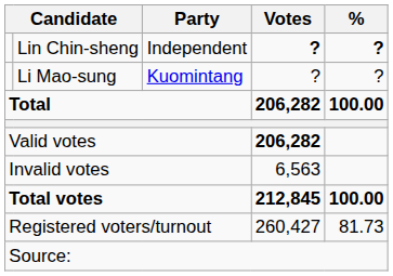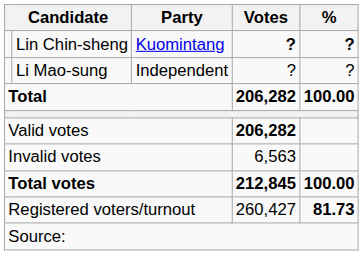 <table class="wikitable">
 <tr>
 <th colspan="2">Candidate</th>
 <th>Party</th>
 <th>Votes</th>
 <th>%</th>
 </tr>
 <tr>
 <td style="background:"></td>
 <td>Lin Chin-sheng</td>
-<td>Independent</td>
+<td><a href='#'>Kuomintang</a></td>
 <td align="right"><strong>?</strong></td>
 <td align="right"><strong>?</strong></td>
 </tr>
 <tr>
 <td style="background:"></td>
 <td>Li Mao-sung</td>
-<td><a href='#'>Kuomintang</a></td>
+<td>Independent</td>
 <td align="right">?</td>
 <td align="right">?</td>
 </tr>
 <tr>
 <td colspan="3"><strong>Total</strong></td>
 <td align="right"><strong>206,282</strong></td>
 <td align="right"><strong>100.00</strong></td>
 </tr>
 <tr>
 <th colspan="5"></th>
 </tr>
 <tr>
 <td colspan="3">Valid votes</td>
 <td align="right"><strong>206,282</strong></td>
 <td align="right"></td>
 </tr>
 <tr>
 <td colspan="3">Invalid votes</td>
 <td align="right">6,563</td>
 <td align="right"></td>
 </tr>
 <tr>
 <td colspan="3"><strong>Total votes</strong></td>
 <td align="right"><strong>212,845</strong></td>
 <td align="right"><strong>100.00</strong></td>
 </tr>
 <tr>
 <td colspan="3">Registered voters/turnout</td>
 <td align="right">260,427</td>
-<td align="right">81.73</td>
+<td align="right"><strong>81.73</strong></td>
 </tr>
 <tr>
 <td colspan="5">Source:</td>
 </tr>
 </table>
